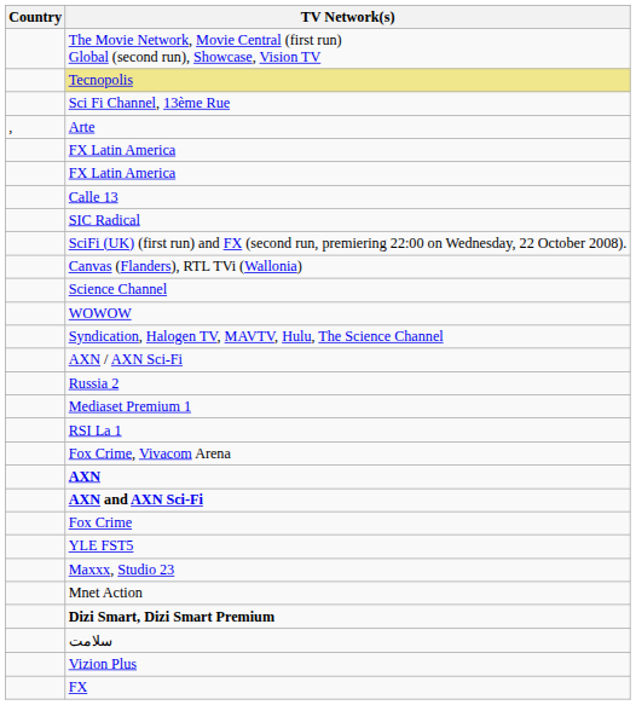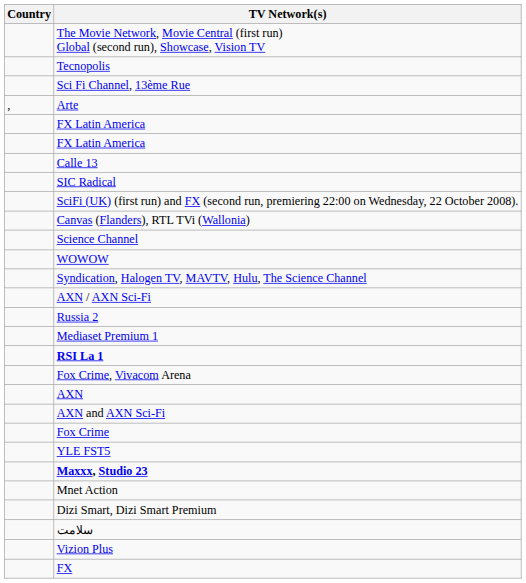 <table class="wikitable">
 <tr>
 <th>Country</th>
 <th>TV Network(s)</th>
 </tr>
 <tr>
 <td></td>
 <td><a href='#'>The Movie Network</a>, <a href='#'>Movie Central</a> (first run)<br><a href='#'>Global</a> (second run), <a href='#'>Showcase</a>, <a href='#'>Vision TV</a></td>
 </tr>
 <tr>
 <td></td>
-<td style="background: khaki;"><a href='#'>Tecnopolis</a></td>
+<td><a href='#'>Tecnopolis</a></td>
 </tr>
 <tr>
 <td></td>
 <td><a href='#'>Sci Fi Channel</a>, <a href='#'>13ème Rue</a></td>
 </tr>
 <tr>
 <td>, </td>
 <td><a href='#'>Arte</a></td>
 </tr>
 <tr>
 <td></td>
 <td><a href='#'>FX Latin America</a></td>
 </tr>
 <tr>
 <td></td>
 <td><a href='#'>FX Latin America</a></td>
 </tr>
 <tr>
 <td></td>
 <td><a href='#'>Calle 13</a></td>
 </tr>
 <tr>
 <td></td>
 <td><a href='#'>SIC Radical</a></td>
 </tr>
 <tr>
 <td></td>
 <td><a href='#'>SciFi (UK)</a> (first run) and <a href='#'>FX</a> (second run, premiering 22:00 on Wednesday, 22 October 2008).</td>
 </tr>
 <tr>
 <td></td>
 <td><a href='#'>Canvas</a> (<a href='#'>Flanders</a>), RTL TVi (<a href='#'>Wallonia</a>)</td>
 </tr>
 <tr>
 <td></td>
 <td><a href='#'>Science Channel</a></td>
 </tr>
 <tr>
 <td></td>
 <td><a href='#'>WOWOW</a></td>
 </tr>
 <tr>
 <td></td>
 <td><a href='#'>Syndication</a>, <a href='#'>Halogen TV</a>, <a href='#'>MAVTV</a>, <a href='#'>Hulu</a>, <a href='#'>The Science Channel</a></td>
 </tr>
 <tr>
 <td></td>
 <td><a href='#'>AXN</a> / <a href='#'>AXN Sci-Fi</a></td>
 </tr>
 <tr>
 <td></td>
 <td><a href='#'>Russia 2</a></td>
 </tr>
 <tr>
 <td></td>
 <td><a href='#'>Mediaset Premium 1</a></td>
 </tr>
 <tr>
 <td></td>
-<td><a href='#'>RSI La 1</a></td>
+<td><strong><a href='#'>RSI La 1</a></strong></td>
 </tr>
 <tr>
 <td></td>
 <td><a href='#'>Fox Crime</a>, <a href='#'>Vivacom</a> Arena</td>
 </tr>
 <tr>
 <td></td>
-<td><strong><a href='#'>AXN</a></strong></td>
+<td><a href='#'>AXN</a></td>
 </tr>
 <tr>
 <td></td>
-<td><strong><a href='#'>AXN</a> and <a href='#'>AXN Sci-Fi</a></strong></td>
+<td><a href='#'>AXN</a> and <a href='#'>AXN Sci-Fi</a></td>
 </tr>
 <tr>
 <td></td>
 <td><a href='#'>Fox Crime</a></td>
 </tr>
 <tr>
 <td></td>
 <td><a href='#'>YLE FST5</a></td>
 </tr>
 <tr>
 <td></td>
-<td><a href='#'>Maxxx</a>, <a href='#'>Studio 23</a></td>
+<td><strong><a href='#'>Maxxx</a>, <a href='#'>Studio 23</a></strong></td>
 </tr>
 <tr>
 <td></td>
 <td>Mnet Action</td>
 </tr>
 <tr>
 <td></td>
-<td><strong>Dizi Smart, Dizi Smart Premium</strong></td>
+<td>Dizi Smart, Dizi Smart Premium</td>
 </tr>
 <tr>
 <td></td>
 <td>سلامت</td>
 </tr>
 <tr>
 <td></td>
 <td><a href='#'>Vizion Plus</a></td>
 </tr>
 <tr>
 <td></td>
 <td><a href='#'>FX</a></td>
 </tr>
 </table>
